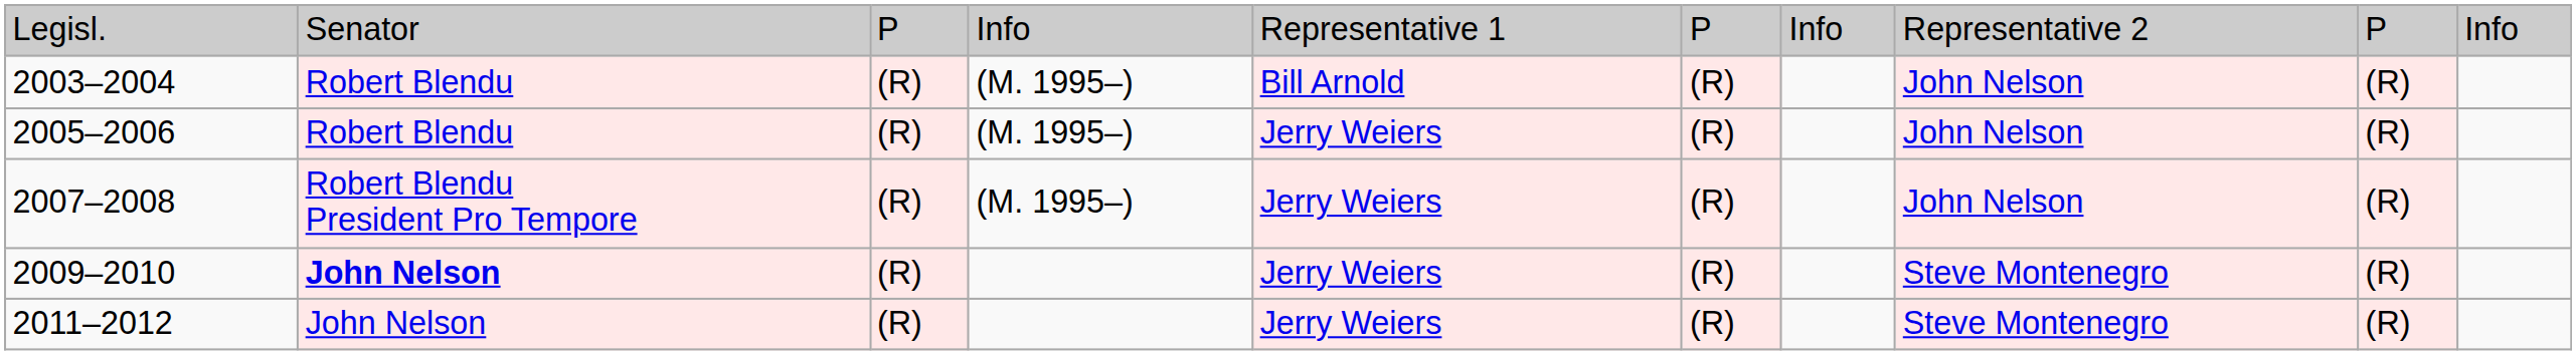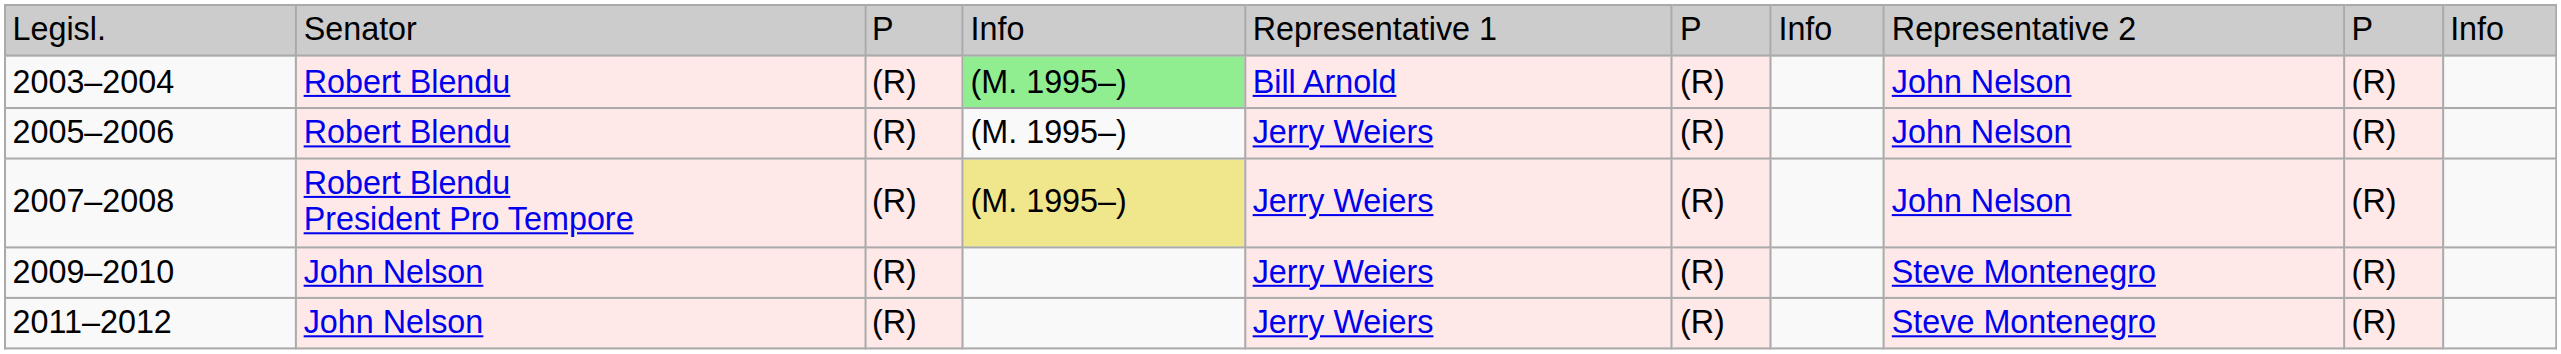 <table class=wikitable width="100%" border="1">
 <tr style="background-color:#cccccc;">
 <td>Legisl.</td>
 <td>Senator</td>
 <td>P</td>
 <td>Info</td>
 <td>Representative 1</td>
 <td>P</td>
 <td>Info</td>
 <td>Representative 2</td>
 <td>P</td>
 <td>Info</td>
 </tr>
 <tr>
 <td>2003–2004</td>
 <td style="background:#FFE8E8"><a href='#'>Robert Blendu</a></td>
 <td style="background:#FFE8E8">(R)</td>
-<td> (M. 1995–)</td>
+<td style="background: lightgreen;"> (M. 1995–)</td>
 <td style="background:#FFE8E8"><a href='#'>Bill Arnold</a></td>
 <td style="background:#FFE8E8">(R)</td>
 <td></td>
 <td style="background:#FFE8E8"><a href='#'>John Nelson</a></td>
 <td style="background:#FFE8E8">(R)</td>
 <td></td>
 </tr>
 <tr>
 <td>2005–2006</td>
 <td style="background:#FFE8E8"><a href='#'>Robert Blendu</a></td>
 <td style="background:#FFE8E8">(R)</td>
 <td> (M. 1995–)</td>
 <td style="background:#FFE8E8"><a href='#'>Jerry Weiers</a></td>
 <td style="background:#FFE8E8">(R)</td>
 <td></td>
 <td style="background:#FFE8E8"><a href='#'>John Nelson</a></td>
 <td style="background:#FFE8E8">(R)</td>
 <td></td>
 </tr>
 <tr>
 <td>2007–2008</td>
 <td style="background:#FFE8E8"><a href='#'>Robert Blendu</a> <br><a href='#'>President Pro Tempore</a></td>
 <td style="background:#FFE8E8">(R)</td>
-<td> (M. 1995–)</td>
+<td style="background: khaki;"> (M. 1995–)</td>
 <td style="background:#FFE8E8"><a href='#'>Jerry Weiers</a></td>
 <td style="background:#FFE8E8">(R)</td>
 <td></td>
 <td style="background:#FFE8E8"><a href='#'>John Nelson</a></td>
 <td style="background:#FFE8E8">(R)</td>
 <td></td>
 </tr>
 <tr>
 <td>2009–2010</td>
-<td style="background:#FFE8E8"><strong><a href='#'>John Nelson</a></strong></td>
+<td style="background:#FFE8E8"><a href='#'>John Nelson</a></td>
 <td style="background:#FFE8E8">(R)</td>
 <td></td>
 <td style="background:#FFE8E8"><a href='#'>Jerry Weiers</a></td>
 <td style="background:#FFE8E8">(R)</td>
 <td></td>
 <td style="background:#FFE8E8"><a href='#'>Steve Montenegro</a></td>
 <td style="background:#FFE8E8">(R)</td>
 <td></td>
 </tr>
 <tr>
 <td>2011–2012</td>
 <td style="background:#FFE8E8"><a href='#'>John Nelson</a></td>
 <td style="background:#FFE8E8">(R)</td>
 <td></td>
 <td style="background:#FFE8E8"><a href='#'>Jerry Weiers</a></td>
 <td style="background:#FFE8E8">(R)</td>
 <td></td>
 <td style="background:#FFE8E8"><a href='#'>Steve Montenegro</a></td>
 <td style="background:#FFE8E8">(R)</td>
 <td></td>
 </tr>
 </table>
